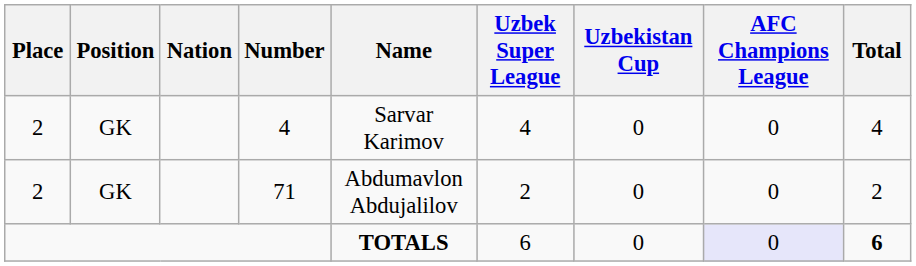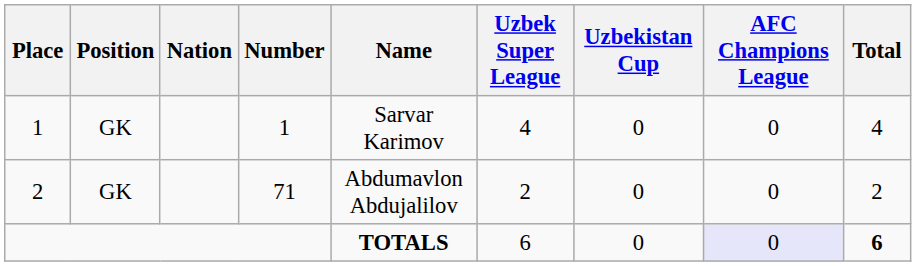 <table class="wikitable" style="font-size: 95%; text-align: center;">
 <tr>
 <th width=60>Place</th>
 <th width=60>Position</th>
 <th width=60>Nation</th>
 <th width=60>Number</th>
 <th width=200>Name</th>
 <th width=150><a href='#'>Uzbek Super League</a></th>
 <th width=150><a href='#'>Uzbekistan Cup</a></th>
 <th width=200><a href='#'>AFC Champions League</a></th>
 <th width=80><strong>Total</strong></th>
 </tr>
 <tr>
-<td>2</td>
+<td>1</td>
 <td>GK</td>
 <td></td>
-<td>4</td>
+<td>1</td>
 <td>Sarvar Karimov</td>
 <td>4</td>
 <td>0</td>
 <td>0</td>
 <td>4</td>
 </tr>
 <tr>
 <td>2</td>
 <td>GK</td>
 <td></td>
 <td>71</td>
 <td>Abdumavlon Abdujalilov</td>
 <td>2</td>
 <td>0</td>
 <td>0</td>
 <td>2</td>
 </tr>
 <tr>
 <td colspan="4"></td>
 <td><strong>TOTALS</strong></td>
 <td>6</td>
 <td>0</td>
 <td style="background: lavender;">0</td>
 <td><strong>6</strong></td>
 </tr>
 </table>
